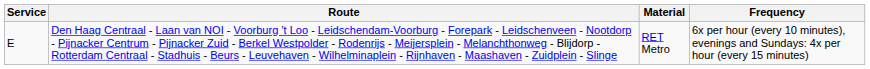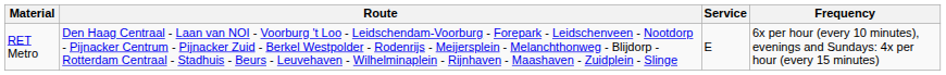 <table class="wikitable vatop">
 <tr>
+<th>Material</th>
+<th>Route</th>
 <th>Service</th>
-<th>Route</th>
-<th>Material</th>
 <th>Frequency</th>
 </tr>
 <tr>
+<td><a href='#'>RET</a> Metro</td>
+<td><a href='#'>Den Haag Centraal</a> - <a href='#'>Laan van NOI</a> - <a href='#'>Voorburg 't Loo</a> - <a href='#'>Leidschendam-Voorburg</a> - <a href='#'>Forepark</a> - <a href='#'>Leidschenveen</a> - <a href='#'>Nootdorp</a> - <a href='#'>Pijnacker Centrum</a> - <a href='#'>Pijnacker Zuid</a> - <a href='#'>Berkel Westpolder</a> - <a href='#'>Rodenrijs</a> - <a href='#'>Meijersplein</a> - <a href='#'>Melanchthonweg</a> - Blijdorp - <a href='#'>Rotterdam Centraal</a> - <a href='#'>Stadhuis</a> - <a href='#'>Beurs</a> - <a href='#'>Leuvehaven</a> - <a href='#'>Wilhelminaplein</a> - <a href='#'>Rijnhaven</a> - <a href='#'>Maashaven</a> - <a href='#'>Zuidplein</a> - <a href='#'>Slinge</a></td>
 <td>E</td>
-<td><a href='#'>Den Haag Centraal</a> - <a href='#'>Laan van NOI</a> - <a href='#'>Voorburg 't Loo</a> - <a href='#'>Leidschendam-Voorburg</a> - <a href='#'>Forepark</a> - <a href='#'>Leidschenveen</a> - <a href='#'>Nootdorp</a> - <a href='#'>Pijnacker Centrum</a> - <a href='#'>Pijnacker Zuid</a> - <a href='#'>Berkel Westpolder</a> - <a href='#'>Rodenrijs</a> - <a href='#'>Meijersplein</a> - <a href='#'>Melanchthonweg</a> - Blijdorp - <a href='#'>Rotterdam Centraal</a> - <a href='#'>Stadhuis</a> - <a href='#'>Beurs</a> - <a href='#'>Leuvehaven</a> - <a href='#'>Wilhelminaplein</a> - <a href='#'>Rijnhaven</a> - <a href='#'>Maashaven</a> - <a href='#'>Zuidplein</a> - <a href='#'>Slinge</a></td>
-<td><a href='#'>RET</a> Metro</td>
 <td>6x per hour (every 10 minutes), evenings and Sundays: 4x per hour (every 15 minutes)</td>
 </tr>
 </table>
